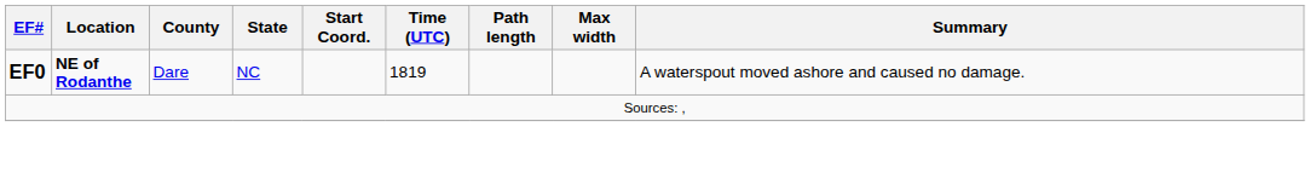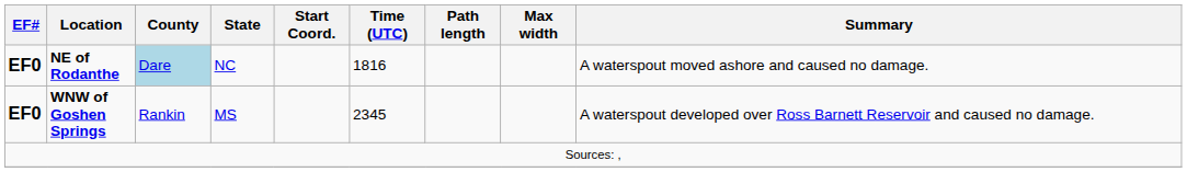 <table class="wikitable collapsible" width="100%">
 <tr>
 <th scope="col"  style="width:3%; text-align:center;"><a href='#'>EF#</a></th>
 <th scope="col"  style="width:7%; text-align:center;" class="unsortable">Location</th>
 <th scope="col"  style="width:6%; text-align:center;" class="unsortable">County</th>
 <th scope="col"  style="width:5%; text-align:center;">State</th>
 <th scope="col"  style="width:6%; text-align:center;">Start Coord.</th>
 <th scope="col"  style="width:6%; text-align:center;">Time (<a href='#'>UTC</a>)</th>
 <th scope="col"  style="width:6%; text-align:center;">Path length</th>
 <th scope="col"  style="width:6%; text-align:center;">Max width</th>
 <th scope="col" class="unsortable" style="width:48%; text-align:center;">Summary</th>
 </tr>
 <tr>
 <td><big><strong>EF0</strong></big></td>
 <td><strong>NE of <a href='#'>Rodanthe</a></strong></td>
-<td><a href='#'>Dare</a></td>
+<td style="background: lightblue;"><a href='#'>Dare</a></td>
 <td><a href='#'>NC</a></td>
 <td></td>
-<td>1819</td>
+<td>1816</td>
 <td></td>
 <td></td>
 <td>A waterspout moved ashore and caused no damage.</td>
+</tr>
+<tr>
+<td><big><strong>EF0</strong></big></td>
+<td><strong>WNW of <a href='#'>Goshen Springs</a></strong></td>
+<td><a href='#'>Rankin</a></td>
+<td><a href='#'>MS</a></td>
+<td></td>
+<td>2345</td>
+<td></td>
+<td></td>
+<td>A waterspout developed over <a href='#'>Ross Barnett Reservoir</a> and caused no damage.</td>
 </tr>
 <tr>
 <td colspan="9" align=center><small>Sources: , </small></td>
 </tr>
 <tr>
 </tr>
 </table>
